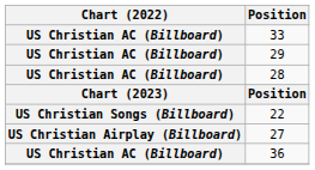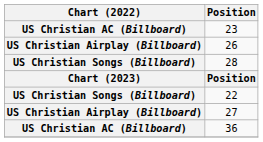 <table class="wikitable plainrowheaders" style="text-align:center">
 <tr>
 <th scope="col">Chart (2022)</th>
 <th scope="col">Position</th>
 </tr>
 <tr>
 <th scope="row">US Christian AC (<em>Billboard</em>)</th>
-<td>33</td>
+<td>23</td>
 </tr>
 <tr>
-<th scope="row">US Christian AC (<em>Billboard</em>)</th>
-<td>29</td>
+<th scope="row">US Christian Airplay (<em>Billboard</em>)</th>
+<td>26</td>
 </tr>
 <tr>
-<th scope="row">US Christian AC (<em>Billboard</em>)</th>
+<th scope="row">US Christian Songs (<em>Billboard</em>)</th>
 <td>28</td>
 </tr>
 <tr>
 <th scope="col">Chart (2023)</th>
 <th scope="col">Position</th>
 </tr>
 <tr>
 <th scope="row">US Christian Songs (<em>Billboard</em>)</th>
 <td>22</td>
 </tr>
 <tr>
 <th scope="row">US Christian Airplay (<em>Billboard</em>)</th>
 <td>27</td>
 </tr>
 <tr>
 <th scope="row">US Christian AC (<em>Billboard</em>)</th>
 <td>36</td>
 </tr>
 <tr>
 </tr>
 </table>
